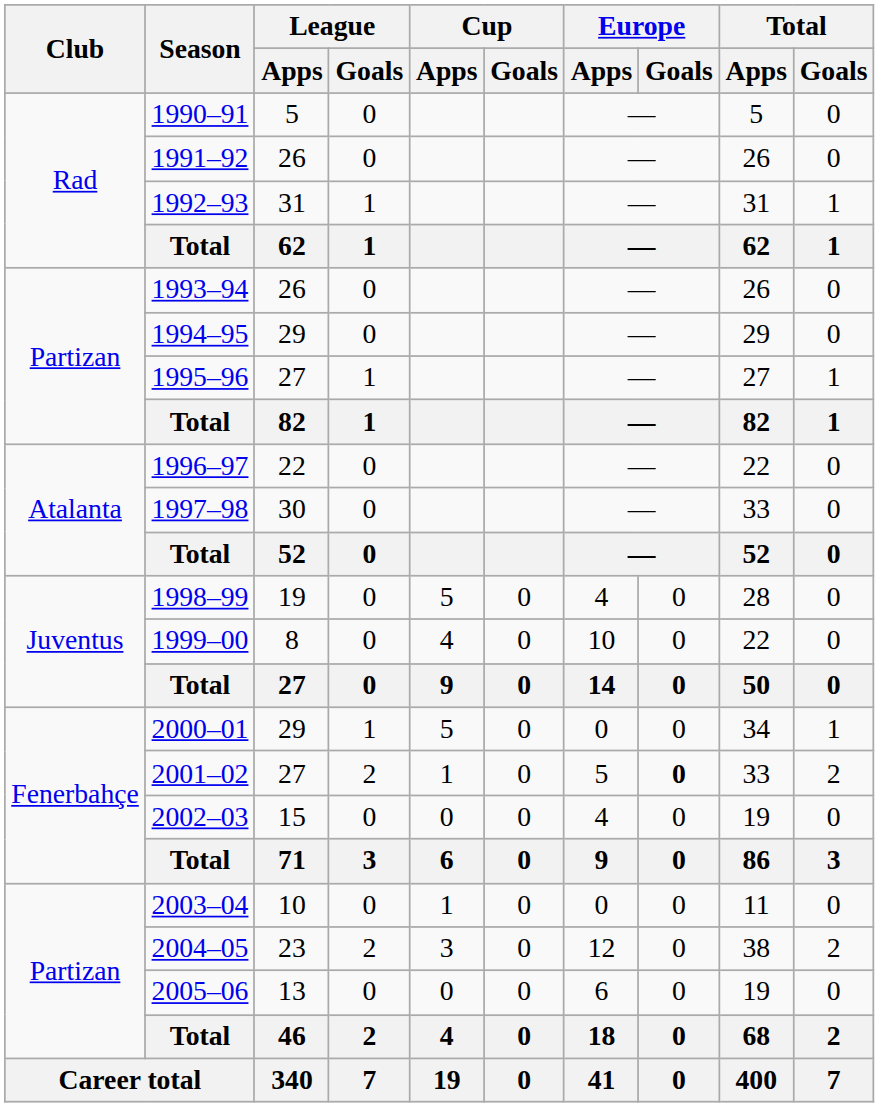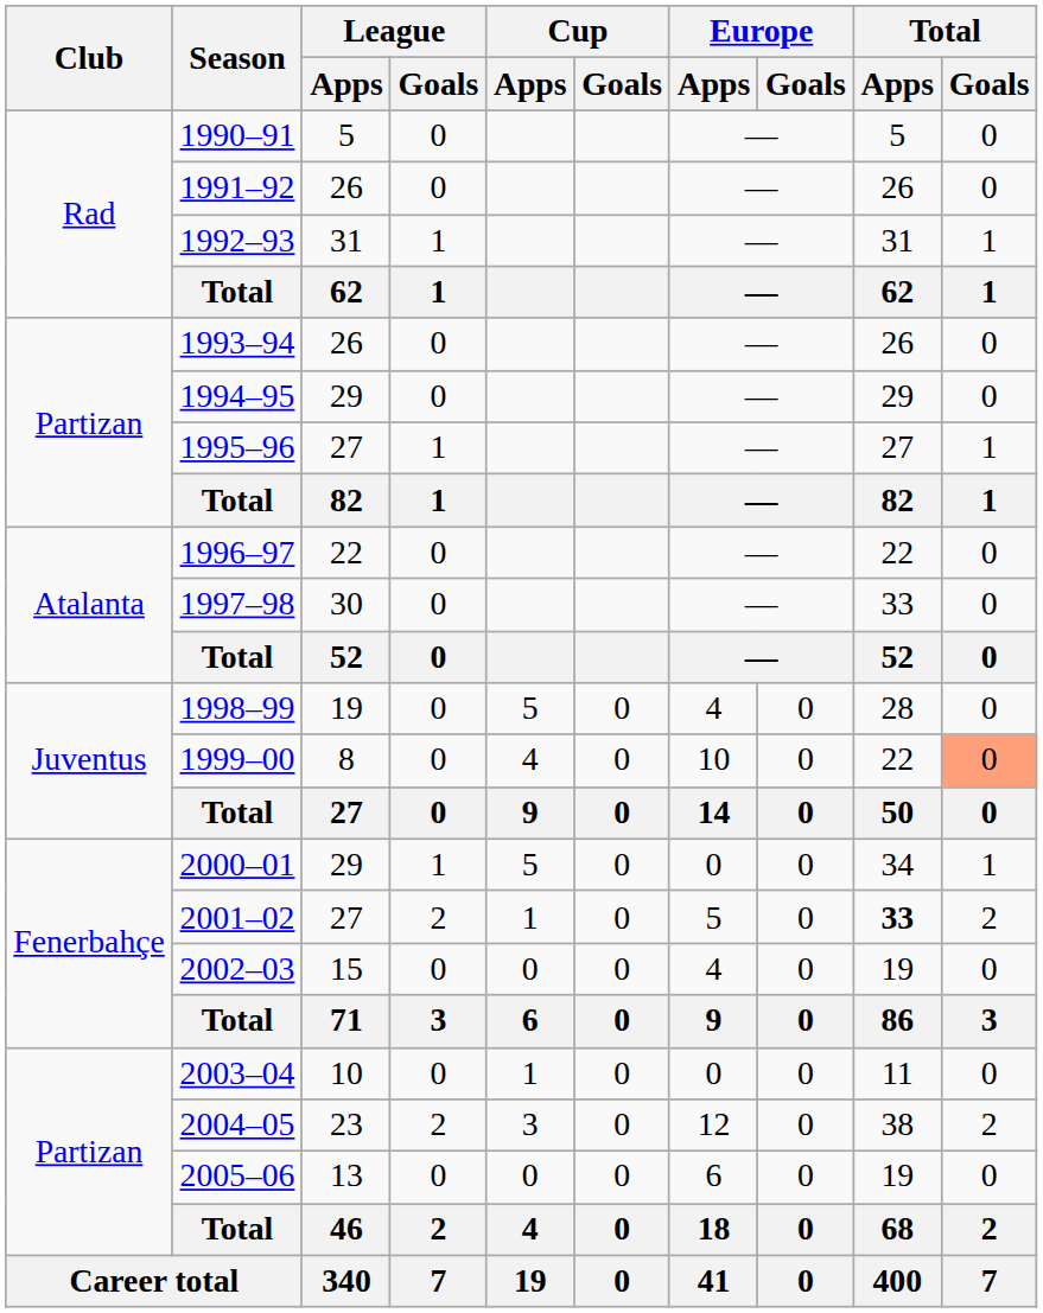 <table class="wikitable" style="text-align:center">
 <tr>
 <th rowspan=2>Club</th>
 <th rowspan=2>Season</th>
 <th colspan=2>League</th>
 <th colspan=2>Cup</th>
 <th colspan=2><a href='#'>Europe</a></th>
 <th colspan=2>Total</th>
 </tr>
 <tr>
 <th>Apps</th>
 <th>Goals</th>
 <th>Apps</th>
 <th>Goals</th>
 <th>Apps</th>
 <th>Goals</th>
 <th>Apps</th>
 <th>Goals</th>
 </tr>
 <tr>
 <td rowspan=4><a href='#'>Rad</a></td>
 <td><a href='#'>1990–91</a></td>
 <td>5</td>
 <td>0</td>
 <td></td>
 <td></td>
 <td colspan="2">—</td>
 <td>5</td>
 <td>0</td>
 </tr>
 <tr>
 <td><a href='#'>1991–92</a></td>
 <td>26</td>
 <td>0</td>
 <td></td>
 <td></td>
 <td colspan="2">—</td>
 <td>26</td>
 <td>0</td>
 </tr>
 <tr>
 <td><a href='#'>1992–93</a></td>
 <td>31</td>
 <td>1</td>
 <td></td>
 <td></td>
 <td colspan="2">—</td>
 <td>31</td>
 <td>1</td>
 </tr>
 <tr>
 <th>Total</th>
 <th>62</th>
 <th>1</th>
 <th></th>
 <th></th>
 <th colspan="2">—</th>
 <th>62</th>
 <th>1</th>
 </tr>
 <tr>
 <td rowspan=4><a href='#'>Partizan</a></td>
 <td><a href='#'>1993–94</a></td>
 <td>26</td>
 <td>0</td>
 <td></td>
 <td></td>
 <td colspan="2">—</td>
 <td>26</td>
 <td>0</td>
 </tr>
 <tr>
 <td><a href='#'>1994–95</a></td>
 <td>29</td>
 <td>0</td>
 <td></td>
 <td></td>
 <td colspan="2">—</td>
 <td>29</td>
 <td>0</td>
 </tr>
 <tr>
 <td><a href='#'>1995–96</a></td>
 <td>27</td>
 <td>1</td>
 <td></td>
 <td></td>
 <td colspan="2">—</td>
 <td>27</td>
 <td>1</td>
 </tr>
 <tr>
 <th>Total</th>
 <th>82</th>
 <th>1</th>
 <th></th>
 <th></th>
 <th colspan="2">—</th>
 <th>82</th>
 <th>1</th>
 </tr>
 <tr>
 <td rowspan=3><a href='#'>Atalanta</a></td>
 <td><a href='#'>1996–97</a></td>
 <td>22</td>
 <td>0</td>
 <td></td>
 <td></td>
 <td colspan="2">—</td>
 <td>22</td>
 <td>0</td>
 </tr>
 <tr>
 <td><a href='#'>1997–98</a></td>
 <td>30</td>
 <td>0</td>
 <td></td>
 <td></td>
 <td colspan="2">—</td>
 <td>33</td>
 <td>0</td>
 </tr>
 <tr>
 <th>Total</th>
 <th>52</th>
 <th>0</th>
 <th></th>
 <th></th>
 <th colspan="2">—</th>
 <th>52</th>
 <th>0</th>
 </tr>
 <tr>
 <td rowspan=3><a href='#'>Juventus</a></td>
 <td><a href='#'>1998–99</a></td>
 <td>19</td>
 <td>0</td>
 <td>5</td>
 <td>0</td>
 <td>4</td>
 <td>0</td>
 <td>28</td>
 <td>0</td>
 </tr>
 <tr>
 <td><a href='#'>1999–00</a></td>
 <td>8</td>
 <td>0</td>
 <td>4</td>
 <td>0</td>
 <td>10</td>
 <td>0</td>
 <td>22</td>
-<td>0</td>
+<td style="background: lightsalmon;">0</td>
 </tr>
 <tr>
 <th>Total</th>
 <th>27</th>
 <th>0</th>
 <th>9</th>
 <th>0</th>
 <th>14</th>
 <th>0</th>
 <th>50</th>
 <th>0</th>
 </tr>
 <tr>
 <td rowspan=4><a href='#'>Fenerbahçe</a></td>
 <td><a href='#'>2000–01</a></td>
 <td>29</td>
 <td>1</td>
 <td>5</td>
 <td>0</td>
 <td>0</td>
 <td>0</td>
 <td>34</td>
 <td>1</td>
 </tr>
 <tr>
 <td><a href='#'>2001–02</a></td>
 <td>27</td>
 <td>2</td>
 <td>1</td>
 <td>0</td>
 <td>5</td>
-<td><strong>0</strong></td>
-<td>33</td>
+<td>0</td>
+<td><strong>33</strong></td>
 <td>2</td>
 </tr>
 <tr>
 <td><a href='#'>2002–03</a></td>
 <td>15</td>
 <td>0</td>
 <td>0</td>
 <td>0</td>
 <td>4</td>
 <td>0</td>
 <td>19</td>
 <td>0</td>
 </tr>
 <tr>
 <th>Total</th>
 <th>71</th>
 <th>3</th>
 <th>6</th>
 <th>0</th>
 <th>9</th>
 <th>0</th>
 <th>86</th>
 <th>3</th>
 </tr>
 <tr>
 <td rowspan=4><a href='#'>Partizan</a></td>
 <td><a href='#'>2003–04</a></td>
 <td>10</td>
 <td>0</td>
 <td>1</td>
 <td>0</td>
 <td>0</td>
 <td>0</td>
 <td>11</td>
 <td>0</td>
 </tr>
 <tr>
 <td><a href='#'>2004–05</a></td>
 <td>23</td>
 <td>2</td>
 <td>3</td>
 <td>0</td>
 <td>12</td>
 <td>0</td>
 <td>38</td>
 <td>2</td>
 </tr>
 <tr>
 <td><a href='#'>2005–06</a></td>
 <td>13</td>
 <td>0</td>
 <td>0</td>
 <td>0</td>
 <td>6</td>
 <td>0</td>
 <td>19</td>
 <td>0</td>
 </tr>
 <tr>
 <th>Total</th>
 <th>46</th>
 <th>2</th>
 <th>4</th>
 <th>0</th>
 <th>18</th>
 <th>0</th>
 <th>68</th>
 <th>2</th>
 </tr>
 <tr>
 <th colspan=2>Career total</th>
 <th>340</th>
 <th>7</th>
 <th>19</th>
 <th>0</th>
 <th>41</th>
 <th>0</th>
 <th>400</th>
 <th>7</th>
 </tr>
 </table>
